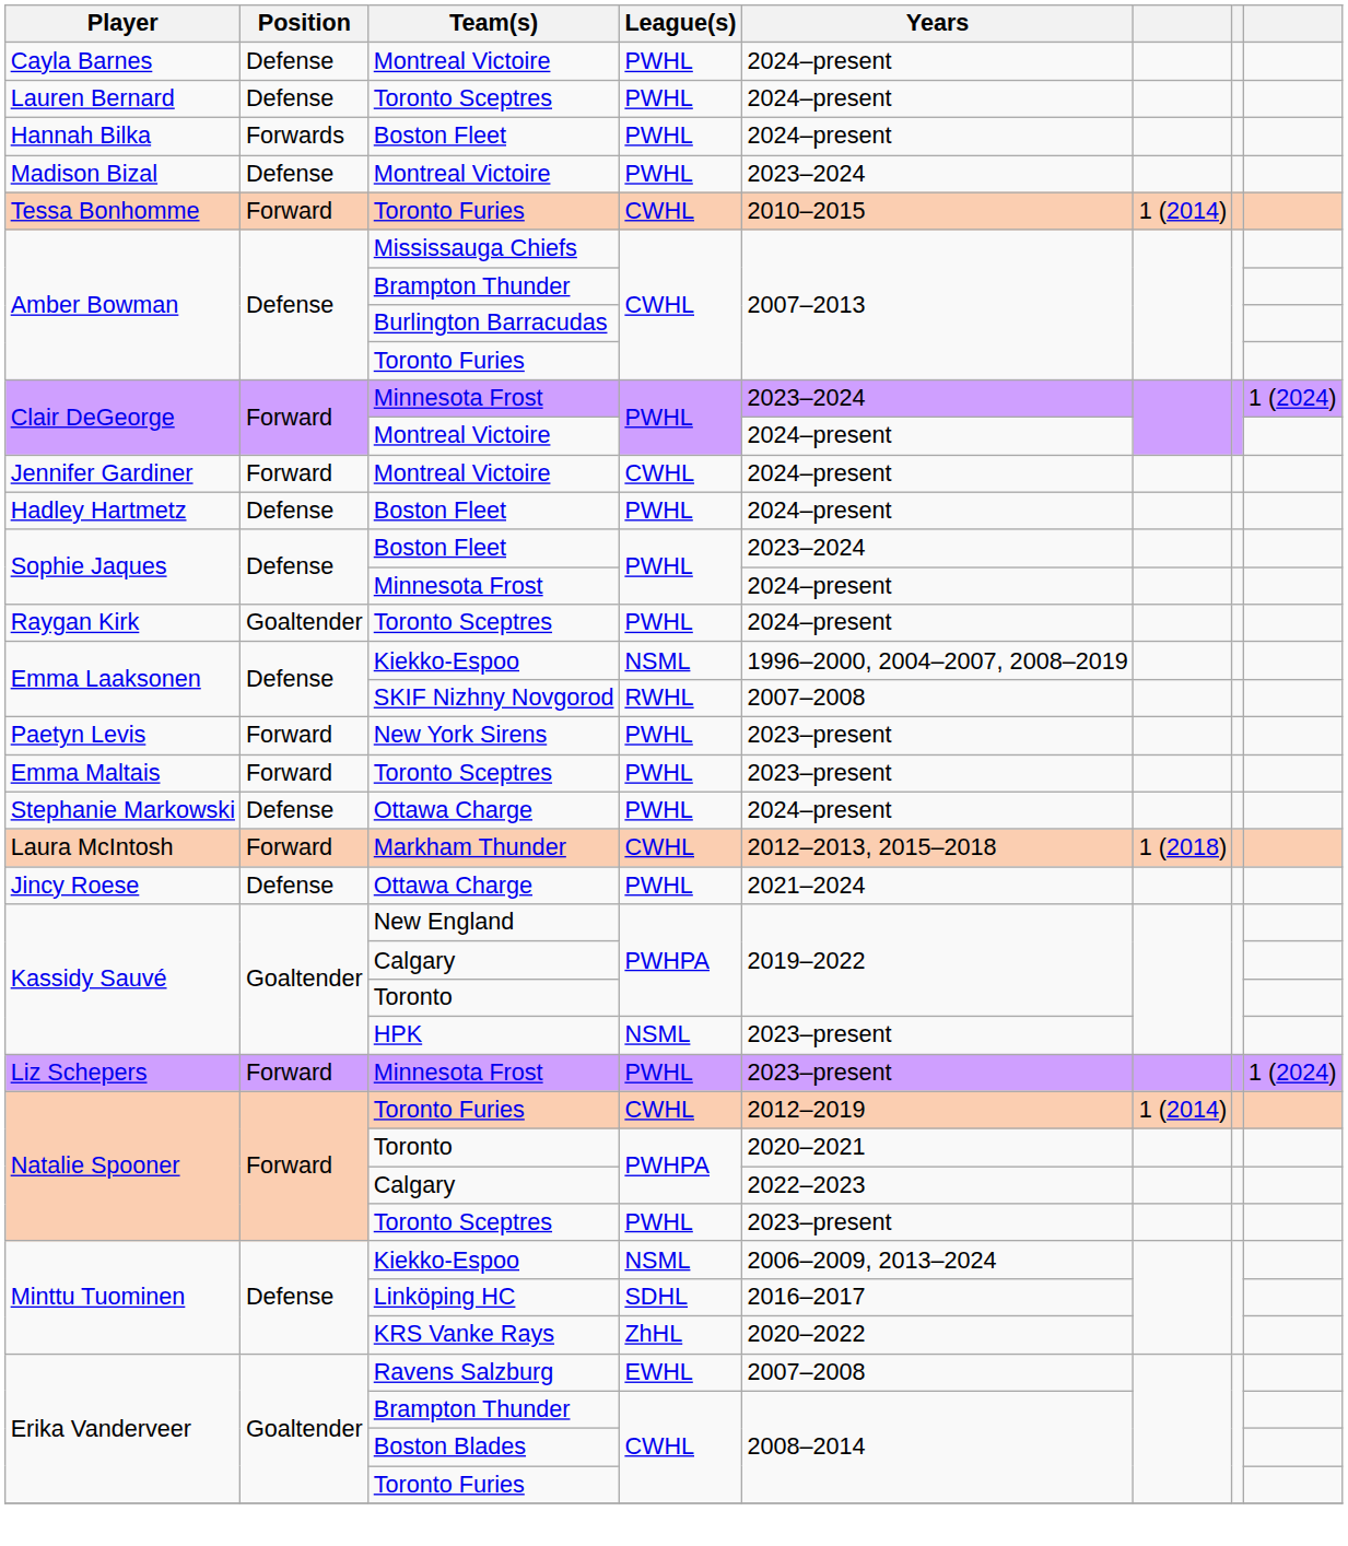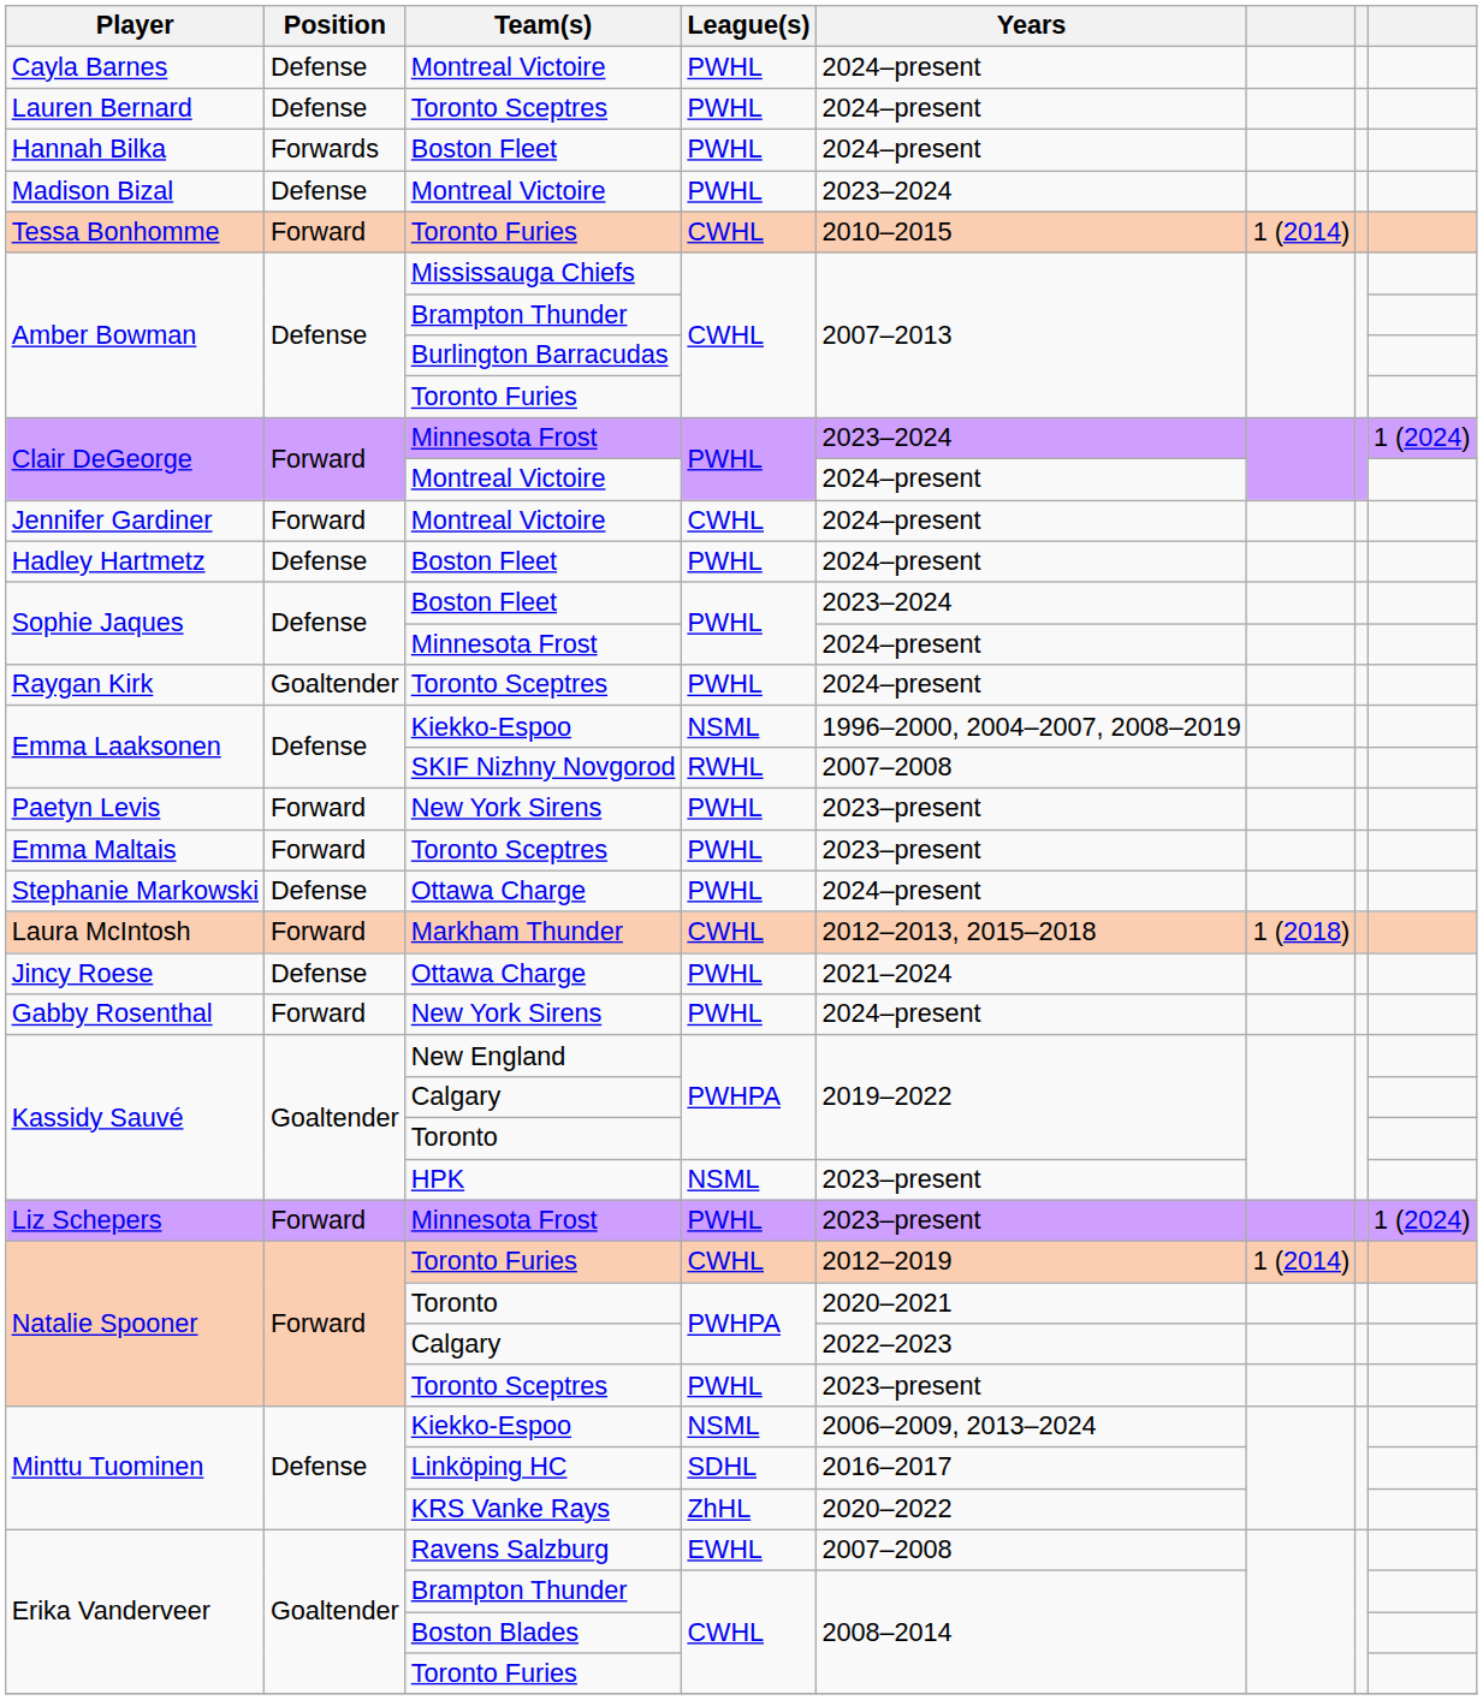 <table class="wikitable sortable">
 <tr>
 <th>Player</th>
 <th>Position</th>
 <th>Team(s)</th>
 <th>League(s)</th>
 <th>Years</th>
 <th><a href='#'></a></th>
 <th><a href='#'></a></th>
 <th><a href='#'></a></th>
 </tr>
 <tr>
 <td><a href='#'>Cayla Barnes</a></td>
 <td>Defense</td>
 <td><a href='#'>Montreal Victoire</a></td>
 <td><a href='#'>PWHL</a></td>
 <td>2024–present</td>
 <td></td>
 <td></td>
 <td></td>
 </tr>
 <tr>
 <td><a href='#'>Lauren Bernard</a></td>
 <td>Defense</td>
 <td><a href='#'>Toronto Sceptres</a></td>
 <td><a href='#'>PWHL</a></td>
 <td>2024–present</td>
 <td></td>
 <td></td>
 <td></td>
 </tr>
 <tr>
 <td><a href='#'>Hannah Bilka</a></td>
 <td>Forwards</td>
 <td><a href='#'>Boston Fleet</a></td>
 <td><a href='#'>PWHL</a></td>
 <td>2024–present</td>
 <td></td>
 <td></td>
 <td></td>
 </tr>
 <tr>
 <td><a href='#'>Madison Bizal</a></td>
 <td>Defense</td>
 <td><a href='#'>Montreal Victoire</a></td>
 <td><a href='#'>PWHL</a></td>
 <td>2023–2024</td>
 <td></td>
 <td></td>
 <td></td>
 </tr>
 <tr bgcolor="FBCEB1">
 <td><a href='#'>Tessa Bonhomme</a></td>
 <td>Forward</td>
 <td><a href='#'>Toronto Furies</a></td>
 <td><a href='#'>CWHL</a></td>
 <td>2010–2015</td>
 <td>1 (<a href='#'>2014</a>)</td>
 <td></td>
 <td></td>
 </tr>
 <tr>
 <td rowspan="4"><a href='#'>Amber Bowman</a></td>
 <td rowspan="4">Defense</td>
 <td><a href='#'>Mississauga Chiefs</a></td>
 <td rowspan="4"><a href='#'>CWHL</a></td>
 <td rowspan="4">2007–2013</td>
 <td rowspan="4"></td>
 <td rowspan="4"></td>
 <td></td>
 </tr>
 <tr>
 <td><a href='#'>Brampton Thunder</a></td>
 <td></td>
 </tr>
 <tr>
 <td><a href='#'>Burlington Barracudas</a></td>
 <td></td>
 </tr>
 <tr>
 <td><a href='#'>Toronto Furies</a></td>
 <td></td>
 </tr>
 <tr bgcolor="#CF9FFF">
 <td rowspan="2"><a href='#'>Clair DeGeorge</a></td>
 <td rowspan="2">Forward</td>
 <td><a href='#'>Minnesota Frost</a></td>
 <td rowspan="2"><a href='#'>PWHL</a></td>
 <td>2023–2024</td>
 <td rowspan="2"></td>
 <td rowspan="2"></td>
 <td>1 (<a href='#'>2024</a>)</td>
 </tr>
 <tr>
 <td><a href='#'>Montreal Victoire</a></td>
 <td>2024–present</td>
 <td></td>
 </tr>
 <tr>
 <td><a href='#'>Jennifer Gardiner</a></td>
 <td>Forward</td>
 <td><a href='#'>Montreal Victoire</a></td>
 <td><a href='#'>CWHL</a></td>
 <td>2024–present</td>
 <td></td>
 <td></td>
 <td></td>
 </tr>
 <tr>
 <td><a href='#'>Hadley Hartmetz</a></td>
 <td>Defense</td>
 <td><a href='#'>Boston Fleet</a></td>
 <td><a href='#'>PWHL</a></td>
 <td>2024–present</td>
 <td></td>
 <td></td>
 <td></td>
 </tr>
 <tr>
 <td rowspan="2"><a href='#'>Sophie Jaques</a></td>
 <td rowspan="2">Defense</td>
 <td><a href='#'>Boston Fleet</a></td>
 <td rowspan="2"><a href='#'>PWHL</a></td>
 <td>2023–2024</td>
 <td></td>
 <td></td>
 <td></td>
 </tr>
 <tr>
 <td><a href='#'>Minnesota Frost</a></td>
 <td>2024–present</td>
 <td></td>
 <td></td>
 <td></td>
 </tr>
 <tr>
 <td><a href='#'>Raygan Kirk</a></td>
 <td>Goaltender</td>
 <td><a href='#'>Toronto Sceptres</a></td>
 <td><a href='#'>PWHL</a></td>
 <td>2024–present</td>
 <td></td>
 <td></td>
 <td></td>
 </tr>
 <tr>
 <td rowspan="2"><a href='#'>Emma Laaksonen</a></td>
 <td rowspan="2">Defense</td>
 <td><a href='#'>Kiekko-Espoo</a></td>
 <td><a href='#'>NSML</a></td>
 <td>1996–2000, 2004–2007, 2008–2019</td>
 <td></td>
 <td></td>
 <td></td>
 </tr>
 <tr>
 <td><a href='#'>SKIF Nizhny Novgorod</a></td>
 <td><a href='#'>RWHL</a></td>
 <td>2007–2008</td>
 <td></td>
 <td></td>
 <td></td>
 </tr>
 <tr>
 <td><a href='#'>Paetyn Levis</a></td>
 <td>Forward</td>
 <td><a href='#'>New York Sirens</a></td>
 <td><a href='#'>PWHL</a></td>
 <td>2023–present</td>
 <td></td>
 <td></td>
 <td></td>
 </tr>
 <tr>
 <td><a href='#'>Emma Maltais</a></td>
 <td>Forward</td>
 <td><a href='#'>Toronto Sceptres</a></td>
 <td><a href='#'>PWHL</a></td>
 <td>2023–present</td>
 <td></td>
 <td></td>
 <td></td>
 </tr>
 <tr>
 <td><a href='#'>Stephanie Markowski</a></td>
 <td>Defense</td>
 <td><a href='#'>Ottawa Charge</a></td>
 <td><a href='#'>PWHL</a></td>
 <td>2024–present</td>
 <td></td>
 <td></td>
 <td></td>
 </tr>
 <tr bgcolor="FBCEB1">
 <td>Laura McIntosh</td>
 <td>Forward</td>
 <td><a href='#'>Markham Thunder</a></td>
 <td><a href='#'>CWHL</a></td>
 <td>2012–2013, 2015–2018</td>
 <td>1 (<a href='#'>2018</a>)</td>
 <td></td>
 <td></td>
 </tr>
 <tr>
 <td><a href='#'>Jincy Roese</a></td>
 <td>Defense</td>
 <td><a href='#'>Ottawa Charge</a></td>
 <td><a href='#'>PWHL</a></td>
 <td>2021–2024</td>
 <td></td>
 <td></td>
 <td></td>
 </tr>
 <tr>
+<td><a href='#'>Gabby Rosenthal</a></td>
+<td>Forward</td>
+<td><a href='#'>New York Sirens</a></td>
+<td><a href='#'>PWHL</a></td>
+<td>2024–present</td>
+<td></td>
+<td></td>
+<td></td>
+</tr>
+<tr>
 <td rowspan="4"><a href='#'>Kassidy Sauvé</a></td>
 <td rowspan="4">Goaltender</td>
 <td>New England</td>
 <td rowspan="3"><a href='#'>PWHPA</a></td>
 <td rowspan="3">2019–2022</td>
 <td rowspan="4"></td>
 <td rowspan="4"></td>
 <td></td>
 </tr>
 <tr>
 <td>Calgary</td>
 <td></td>
 </tr>
 <tr>
 <td>Toronto</td>
 <td></td>
 </tr>
 <tr>
 <td><a href='#'>HPK</a></td>
 <td><a href='#'>NSML</a></td>
 <td>2023–present</td>
 <td></td>
 </tr>
 <tr bgcolor="#CF9FFF">
 <td><a href='#'>Liz Schepers</a></td>
 <td>Forward</td>
 <td><a href='#'>Minnesota Frost</a></td>
 <td><a href='#'>PWHL</a></td>
 <td>2023–present</td>
 <td></td>
 <td></td>
 <td>1 (<a href='#'>2024</a>)</td>
 </tr>
 <tr bgcolor="FBCEB1">
 <td rowspan="4"><a href='#'>Natalie Spooner</a></td>
 <td rowspan="4">Forward</td>
 <td><a href='#'>Toronto Furies</a></td>
 <td><a href='#'>CWHL</a></td>
 <td>2012–2019</td>
 <td>1 (<a href='#'>2014</a>)</td>
 <td></td>
 <td></td>
 </tr>
 <tr>
 <td>Toronto</td>
 <td rowspan="2"><a href='#'>PWHPA</a></td>
 <td>2020–2021</td>
 <td></td>
 <td></td>
 <td></td>
 </tr>
 <tr>
 <td>Calgary</td>
 <td>2022–2023</td>
 <td></td>
 <td></td>
 <td></td>
 </tr>
 <tr>
 <td><a href='#'>Toronto Sceptres</a></td>
 <td><a href='#'>PWHL</a></td>
 <td>2023–present</td>
 <td></td>
 <td></td>
 <td></td>
 </tr>
 <tr bgcolor="">
 <td rowspan="3"><a href='#'>Minttu Tuominen</a></td>
 <td rowspan="3">Defense</td>
 <td><a href='#'>Kiekko-Espoo</a></td>
 <td><a href='#'>NSML</a></td>
 <td>2006–2009, 2013–2024</td>
 <td rowspan="3"></td>
 <td rowspan="3"></td>
 <td></td>
 </tr>
 <tr bgcolor="">
 <td><a href='#'>Linköping HC</a></td>
 <td><a href='#'>SDHL</a></td>
 <td>2016–2017</td>
 <td></td>
 </tr>
 <tr bgcolor="">
 <td><a href='#'>KRS Vanke Rays</a></td>
 <td><a href='#'>ZhHL</a></td>
 <td>2020–2022</td>
 <td></td>
 </tr>
 <tr bgcolor="">
 <td rowspan="4">Erika Vanderveer</td>
 <td rowspan="4">Goaltender</td>
 <td><a href='#'>Ravens Salzburg</a></td>
 <td><a href='#'>EWHL</a></td>
 <td>2007–2008</td>
 <td rowspan="4"></td>
 <td rowspan="4"></td>
 <td></td>
 </tr>
 <tr bgcolor="">
 <td><a href='#'>Brampton Thunder</a></td>
 <td rowspan="3"><a href='#'>CWHL</a></td>
 <td rowspan="3">2008–2014</td>
 <td></td>
 </tr>
 <tr bgcolor="">
 <td><a href='#'>Boston Blades</a></td>
 <td></td>
 </tr>
 <tr bgcolor="">
 <td><a href='#'>Toronto Furies</a></td>
 <td></td>
 </tr>
 <tr>
 </tr>
 </table>
